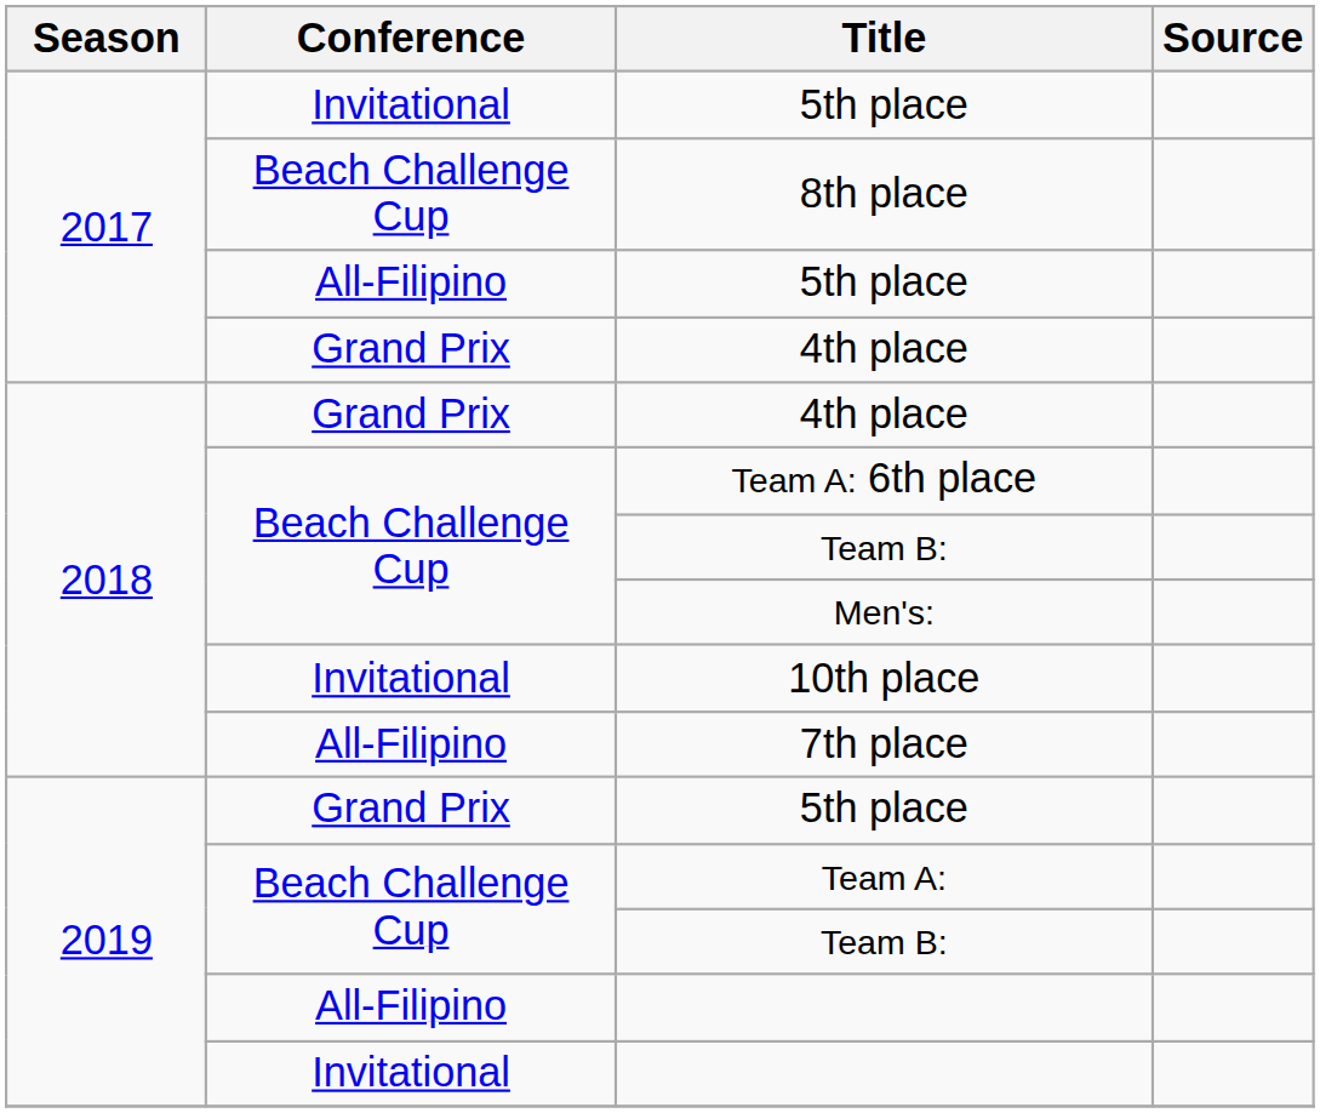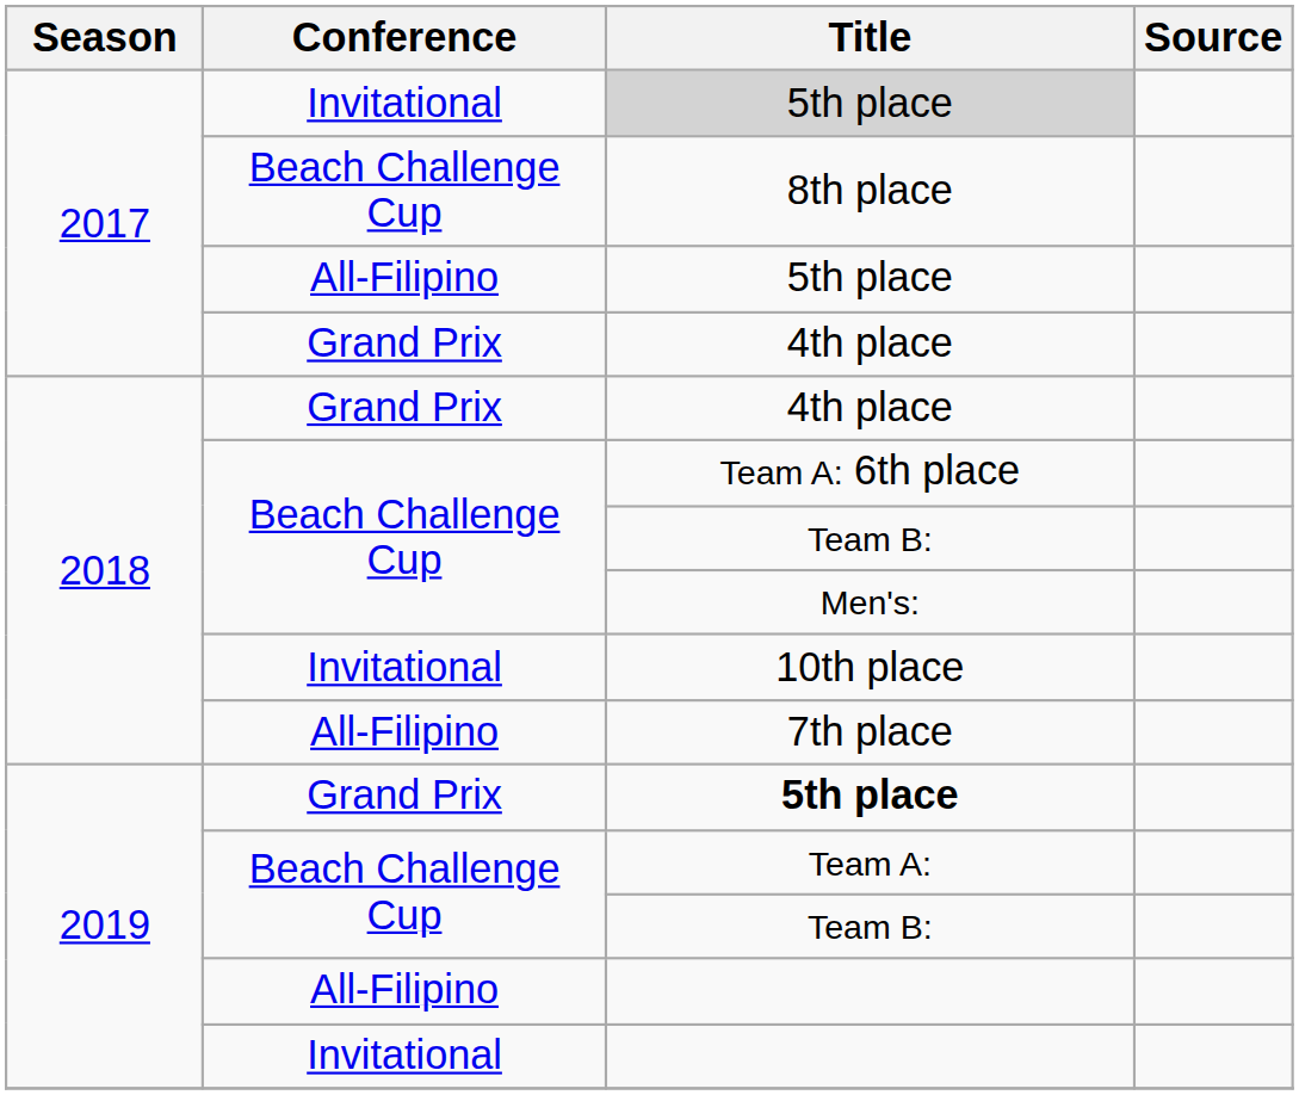 <table class="wikitable">
 <tr>
 <th width=70px>Season</th>
 <th width=150px>Conference</th>
 <th width=200px>Title</th>
 <th width=50px>Source</th>
 </tr>
 <tr align=center>
 <td rowspan=4><a href='#'>2017</a></td>
 <td><a href='#'>Invitational</a></td>
-<td>5th place</td>
+<td style="background: lightgrey;">5th place</td>
 <td></td>
 </tr>
 <tr align=center>
 <td><a href='#'>Beach Challenge Cup</a></td>
 <td>8th place</td>
 <td></td>
 </tr>
 <tr align=center>
 <td><a href='#'>All-Filipino</a></td>
 <td>5th place</td>
 <td></td>
 </tr>
 <tr align=center>
 <td><a href='#'>Grand Prix</a></td>
 <td>4th place</td>
 <td></td>
 </tr>
 <tr align=center>
 <td rowspan=6><a href='#'>2018</a></td>
 <td><a href='#'>Grand Prix</a></td>
 <td>4th place</td>
 <td></td>
 </tr>
 <tr align=center>
 <td rowspan=3><a href='#'>Beach Challenge Cup</a></td>
 <td><small>Team A:</small> 6th place</td>
 <td></td>
 </tr>
 <tr align=center>
 <td><small>Team B:</small></td>
 <td></td>
 </tr>
 <tr align=center>
 <td><small>Men's:</small></td>
 <td></td>
 </tr>
 <tr align=center>
 <td><a href='#'>Invitational</a></td>
 <td>10th place</td>
 <td></td>
 </tr>
 <tr align=center>
 <td><a href='#'>All-Filipino</a></td>
 <td>7th place</td>
 <td></td>
 </tr>
 <tr align=center>
 <td rowspan=5><a href='#'>2019</a></td>
 <td><a href='#'>Grand Prix</a></td>
-<td>5th place</td>
+<td><strong>5th place</strong></td>
 <td></td>
 </tr>
 <tr style="text-align: center;">
 <td rowspan=2><a href='#'>Beach Challenge Cup</a></td>
 <td><small>Team A:</small></td>
 <td></td>
 </tr>
 <tr style="text-align: center;">
 <td><small>Team B:</small></td>
 <td></td>
 </tr>
 <tr align=center>
 <td><a href='#'>All-Filipino</a></td>
 <td></td>
 <td></td>
 </tr>
 <tr align=center>
 <td><a href='#'>Invitational</a></td>
 <td></td>
 <td></td>
 </tr>
 <tr>
 </tr>
 </table>
